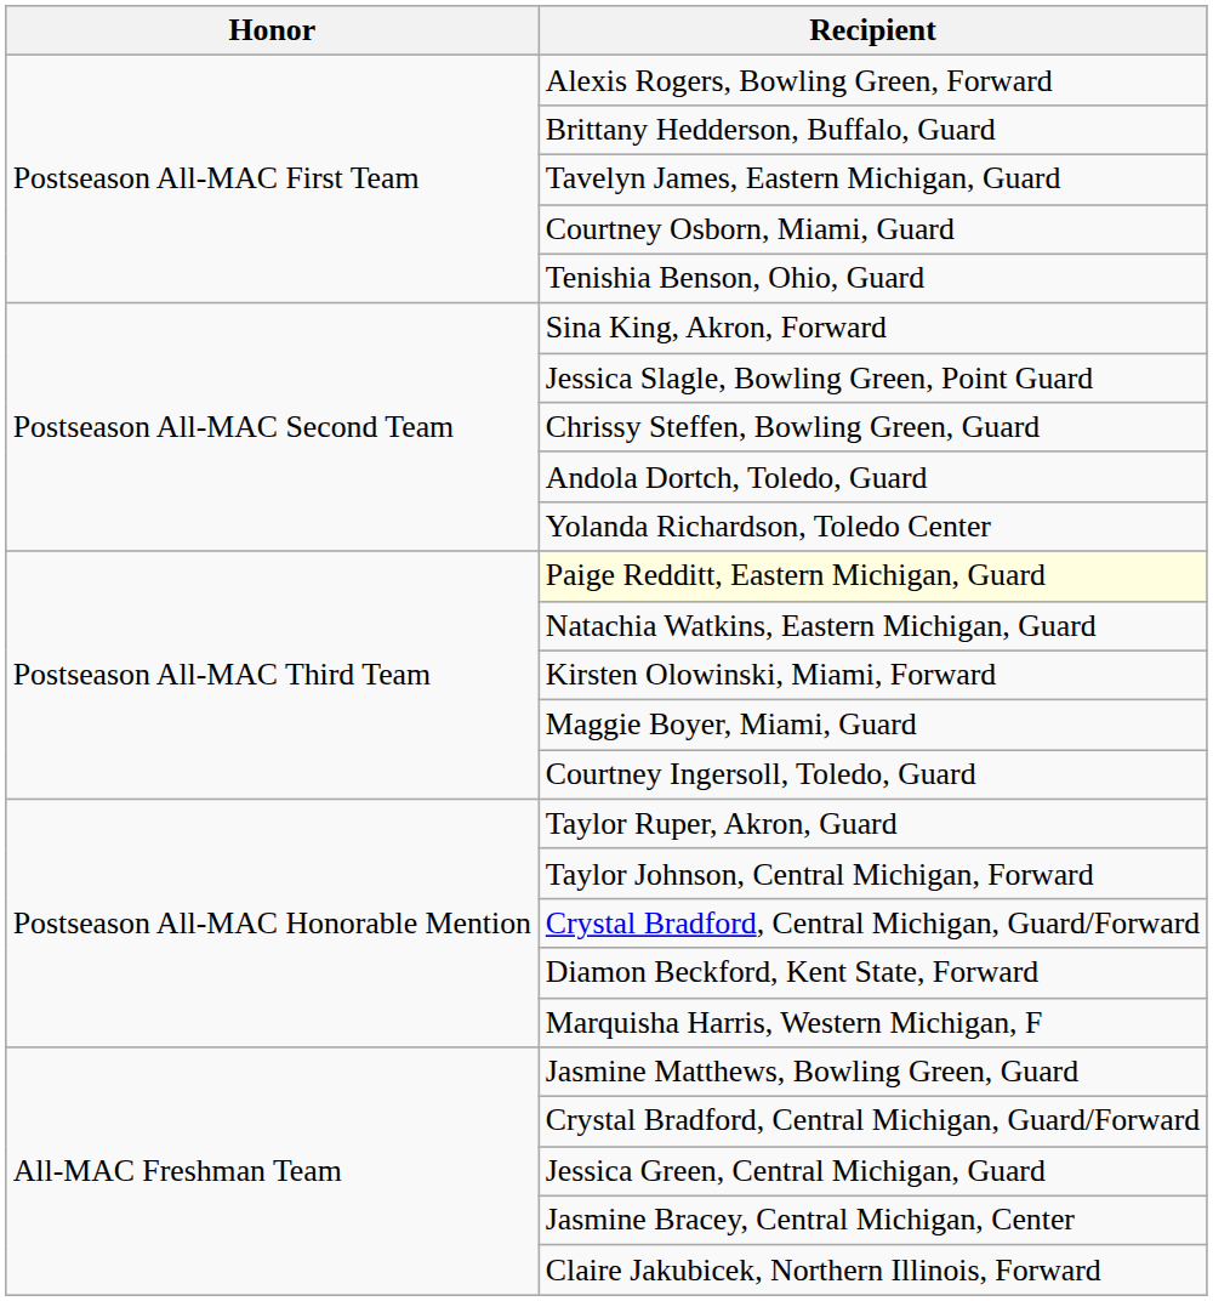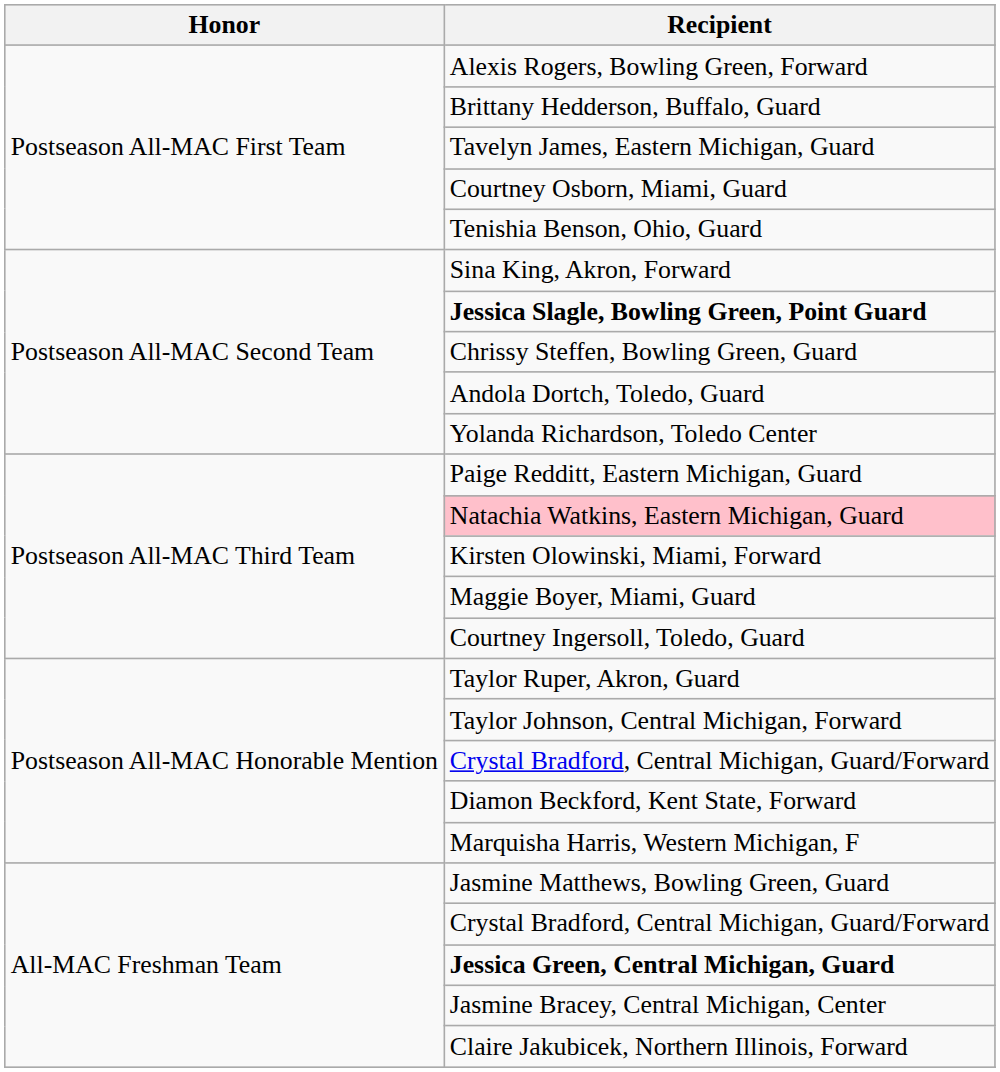 <table class="wikitable" border="1">
 <tr>
 <th>Honor</th>
 <th>Recipient</th>
 </tr>
 <tr>
 <td rowspan=5 valign=middle>Postseason All-MAC First Team</td>
 <td>Alexis Rogers, Bowling Green, Forward</td>
 </tr>
 <tr>
 <td>Brittany Hedderson, Buffalo, Guard</td>
 </tr>
 <tr>
 <td>Tavelyn James, Eastern Michigan, Guard</td>
 </tr>
 <tr>
 <td>Courtney Osborn, Miami, Guard</td>
 </tr>
 <tr>
 <td>Tenishia Benson, Ohio, Guard</td>
 </tr>
 <tr>
 <td rowspan=5 valign=middle>Postseason All-MAC Second Team</td>
 <td>Sina King, Akron, Forward</td>
 </tr>
 <tr>
-<td>Jessica Slagle, Bowling Green, Point Guard</td>
+<td><strong>Jessica Slagle, Bowling Green, Point Guard</strong></td>
 </tr>
 <tr>
 <td>Chrissy Steffen, Bowling Green, Guard</td>
 </tr>
 <tr>
 <td>Andola Dortch, Toledo, Guard</td>
 </tr>
 <tr>
 <td>Yolanda Richardson, Toledo Center</td>
 </tr>
 <tr>
 <td rowspan=5 valign=middle>Postseason All-MAC Third Team</td>
-<td style="background: lightyellow;">Paige Redditt, Eastern Michigan, Guard</td>
+<td>Paige Redditt, Eastern Michigan, Guard</td>
 </tr>
 <tr>
-<td>Natachia Watkins, Eastern Michigan, Guard</td>
+<td style="background: pink;">Natachia Watkins, Eastern Michigan, Guard</td>
 </tr>
 <tr>
 <td>Kirsten Olowinski, Miami, Forward</td>
 </tr>
 <tr>
 <td>Maggie Boyer, Miami, Guard</td>
 </tr>
 <tr>
 <td>Courtney Ingersoll, Toledo, Guard</td>
 </tr>
 <tr>
 <td rowspan=5 valign=middle>Postseason All-MAC Honorable Mention</td>
 <td>Taylor Ruper, Akron, Guard</td>
 </tr>
 <tr>
 <td>Taylor Johnson, Central Michigan, Forward</td>
 </tr>
 <tr>
 <td><a href='#'>Crystal Bradford</a>, Central Michigan, Guard/Forward</td>
 </tr>
 <tr>
 <td>Diamon Beckford, Kent State, Forward</td>
 </tr>
 <tr>
 <td>Marquisha Harris, Western Michigan, F</td>
 </tr>
 <tr>
 <td rowspan=5 valign=middle>All-MAC Freshman Team</td>
 <td>Jasmine Matthews, Bowling Green, Guard</td>
 </tr>
 <tr>
 <td>Crystal Bradford, Central Michigan, Guard/Forward</td>
 </tr>
 <tr>
-<td>Jessica Green, Central Michigan, Guard</td>
+<td><strong>Jessica Green, Central Michigan, Guard</strong></td>
 </tr>
 <tr>
 <td>Jasmine Bracey, Central Michigan, Center</td>
 </tr>
 <tr>
 <td>Claire Jakubicek, Northern Illinois, Forward</td>
 </tr>
 <tr>
 </tr>
 </table>
